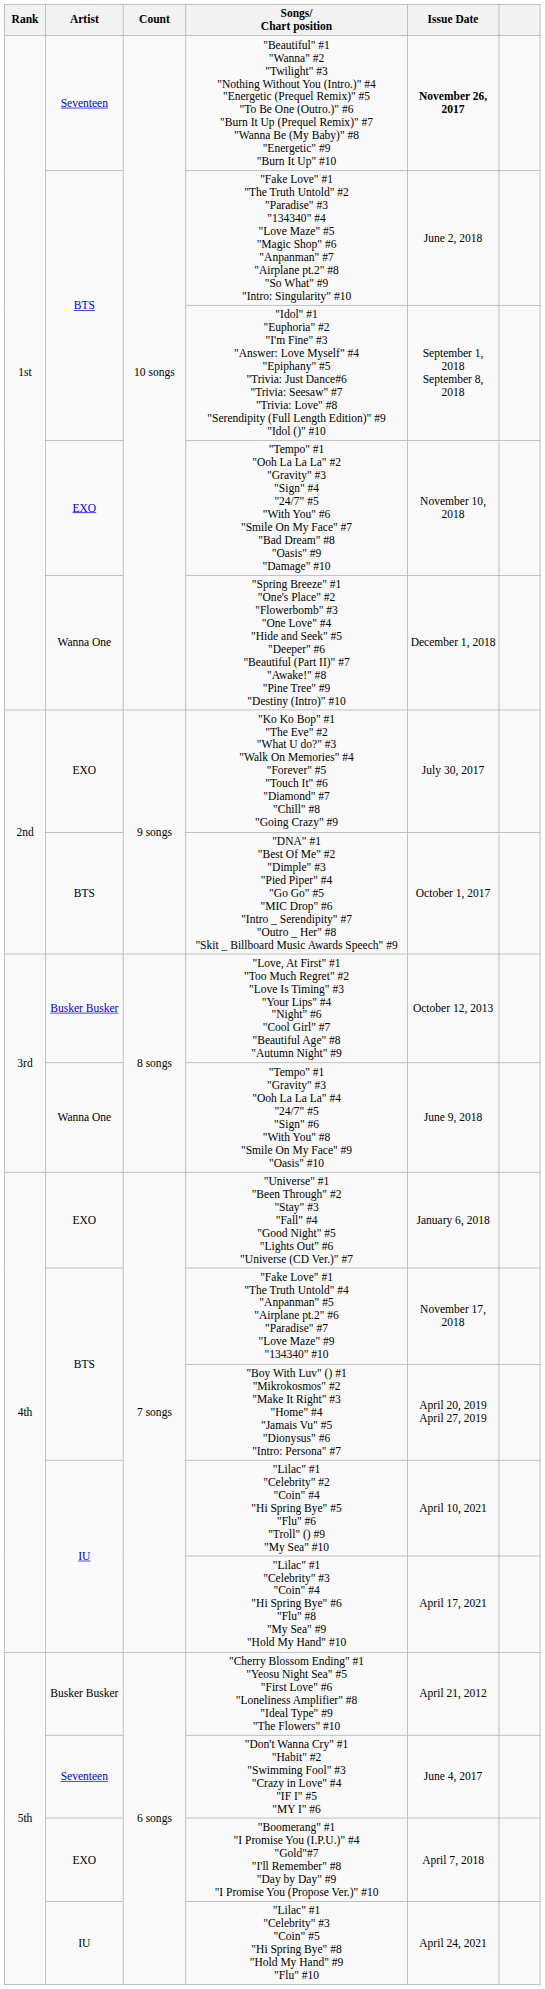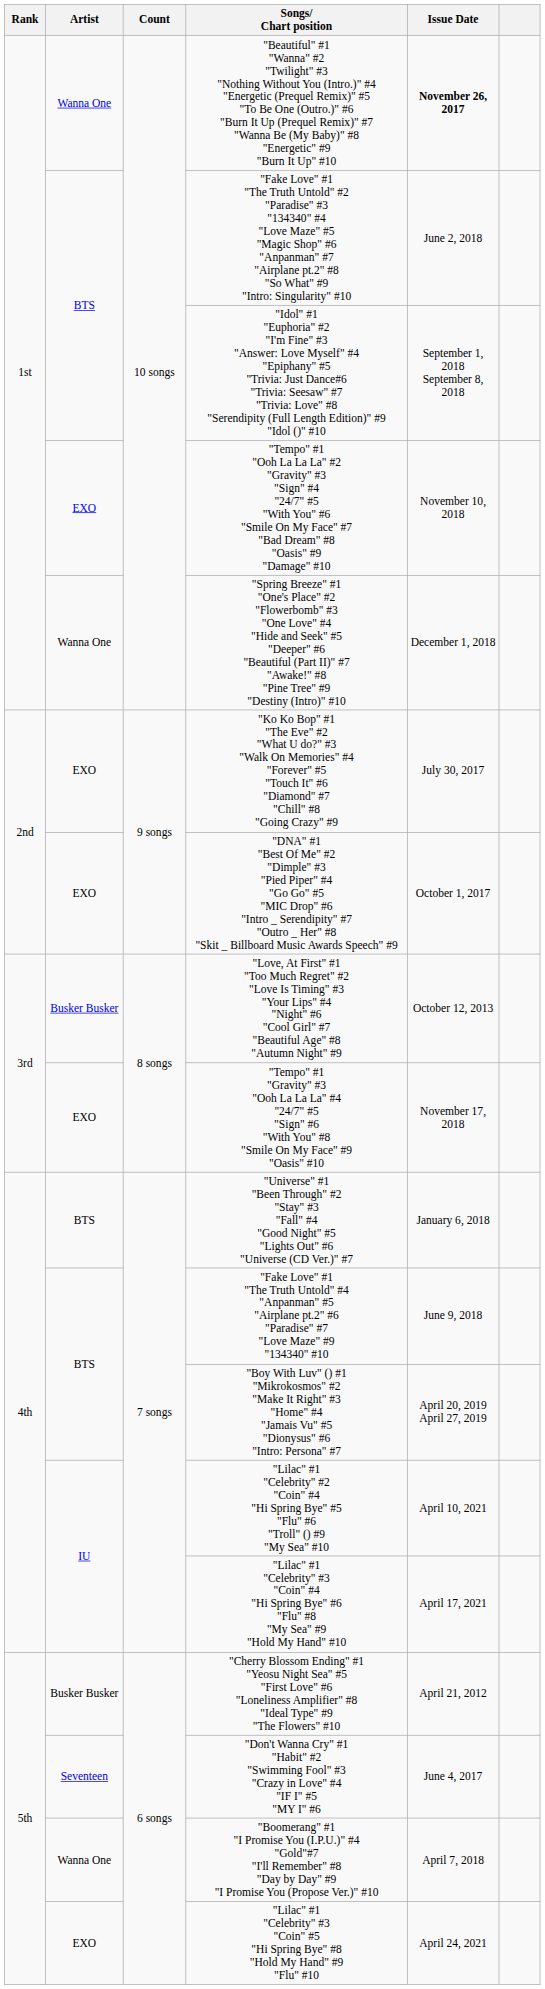 <table class="wikitable" style="text-align: center;">
 <tr>
 <th width="50">Rank</th>
 <th width="100">Artist</th>
 <th width="80">Count</th>
 <th width="300">Songs/<br>Chart position</th>
 <th width="120">Issue Date</th>
 <th width="50"></th>
 </tr>
 <tr>
 <td rowspan="5">1st</td>
-<td><a href='#'>Seventeen</a></td>
+<td><a href='#'>Wanna One</a></td>
 <td rowspan="5">10 songs</td>
 <td>"Beautiful" #1<br>"Wanna" #2<br>"Twilight" #3<br>"Nothing Without You (Intro.)" #4<br>"Energetic (Prequel Remix)" #5<br>"To Be One (Outro.)" #6<br>"Burn It Up (Prequel Remix)" #7<br>"Wanna Be (My Baby)" #8<br>"Energetic" #9<br>"Burn It Up" #10</td>
 <td><strong>November 26, 2017</strong></td>
 <td></td>
 </tr>
 <tr>
 <td rowspan="2"><a href='#'>BTS</a></td>
 <td>"Fake Love" #1<br>"The Truth Untold" #2<br>"Paradise" #3<br>"134340" #4<br>"Love Maze" #5<br>"Magic Shop" #6<br>"Anpanman" #7<br>"Airplane pt.2" #8<br>"So What" #9<br>"Intro: Singularity" #10</td>
 <td>June 2, 2018</td>
 <td></td>
 </tr>
 <tr>
 <td>"Idol" #1<br>"Euphoria" #2<br>"I'm Fine" #3<br>"Answer: Love Myself" #4<br>"Epiphany" #5<br>"Trivia: Just Dance#6<br>"Trivia: Seesaw" #7<br>"Trivia: Love" #8<br>"Serendipity (Full Length Edition)" #9<br>"Idol ()" #10</td>
 <td>September 1, 2018<br>September 8, 2018</td>
 <td><br></td>
 </tr>
 <tr>
 <td><a href='#'>EXO</a></td>
 <td>"Tempo" #1<br>"Ooh La La La" #2<br>"Gravity" #3<br>"Sign" #4<br>"24/7" #5<br>"With You" #6<br>"Smile On My Face" #7<br>"Bad Dream" #8<br>"Oasis" #9<br>"Damage" #10</td>
 <td>November 10, 2018</td>
 <td></td>
 </tr>
 <tr>
 <td>Wanna One</td>
 <td>"Spring Breeze" #1<br>"One's Place" #2<br>"Flowerbomb" #3<br>"One Love" #4<br>"Hide and Seek" #5<br>"Deeper" #6<br>"Beautiful (Part II)" #7<br>"Awake!" #8<br>"Pine Tree" #9<br>"Destiny (Intro)" #10</td>
 <td>December 1, 2018</td>
 <td></td>
 </tr>
 <tr>
 <td rowspan="2">2nd</td>
 <td>EXO</td>
 <td rowspan="2">9 songs</td>
 <td>"Ko Ko Bop" #1<br>"The Eve" #2<br>"What U do?" #3<br>"Walk On Memories" #4<br>"Forever" #5<br>"Touch It" #6<br>"Diamond" #7<br>"Chill" #8<br>"Going Crazy" #9</td>
 <td>July 30, 2017</td>
 <td></td>
 </tr>
 <tr>
-<td>BTS</td>
+<td>EXO</td>
 <td>"DNA" #1<br>"Best Of Me" #2<br>"Dimple" #3<br>"Pied Piper" #4<br>"Go Go" #5<br>"MIC Drop" #6<br>"Intro _ Serendipity" #7<br>"Outro _ Her" #8<br>"Skit _ Billboard Music Awards Speech" #9</td>
 <td>October 1, 2017</td>
 <td></td>
 </tr>
 <tr>
 <td rowspan="2">3rd</td>
 <td><a href='#'>Busker Busker</a></td>
 <td rowspan="2">8 songs</td>
 <td>"Love, At First" #1<br>"Too Much Regret" #2<br>"Love Is Timing" #3<br>"Your Lips" #4<br>"Night" #6<br>"Cool Girl" #7<br>"Beautiful Age" #8<br>"Autumn Night" #9</td>
 <td>October 12, 2013</td>
 <td></td>
 </tr>
 <tr>
-<td>Wanna One</td>
+<td>EXO</td>
 <td>"Tempo" #1<br>"Gravity" #3<br>"Ooh La La La" #4<br>"24/7" #5<br>"Sign" #6<br>"With You" #8<br>"Smile On My Face" #9<br>"Oasis" #10</td>
-<td>June 9, 2018</td>
+<td>November 17, 2018</td>
 <td></td>
 </tr>
 <tr>
 <td rowspan="5">4th</td>
-<td>EXO</td>
+<td>BTS</td>
 <td rowspan="5">7 songs</td>
 <td>"Universe" #1<br>"Been Through" #2<br>"Stay" #3<br>"Fall" #4<br>"Good Night" #5<br>"Lights Out" #6<br>"Universe (CD Ver.)" #7</td>
 <td>January 6, 2018</td>
 <td></td>
 </tr>
 <tr>
 <td rowspan="2">BTS</td>
 <td>"Fake Love" #1<br>"The Truth Untold" #4<br>"Anpanman" #5<br>"Airplane pt.2" #6<br>"Paradise" #7<br>"Love Maze" #9<br>"134340" #10</td>
-<td>November 17, 2018</td>
+<td>June 9, 2018</td>
 <td></td>
 </tr>
 <tr>
 <td>"Boy With Luv" () #1<br>"Mikrokosmos" #2<br>"Make It Right" #3<br>"Home" #4<br>"Jamais Vu" #5<br>"Dionysus" #6<br>"Intro: Persona" #7</td>
 <td>April 20, 2019<br>April 27, 2019</td>
 <td><br></td>
 </tr>
 <tr>
 <td rowspan="2"><a href='#'>IU</a></td>
 <td>"Lilac" #1<br>"Celebrity" #2<br>"Coin" #4<br>"Hi Spring Bye" #5<br>"Flu" #6<br>"Troll" () #9<br>"My Sea" #10</td>
 <td>April 10, 2021</td>
 <td></td>
 </tr>
 <tr>
 <td>"Lilac" #1<br>"Celebrity" #3<br>"Coin" #4<br>"Hi Spring Bye" #6<br>"Flu" #8<br>"My Sea" #9<br>"Hold My Hand" #10</td>
 <td>April 17, 2021</td>
 <td></td>
 </tr>
 <tr>
 <td rowspan="4">5th</td>
 <td>Busker Busker</td>
 <td rowspan="4">6 songs</td>
 <td>"Cherry Blossom Ending" #1<br>"Yeosu Night Sea" #5<br>"First Love" #6<br>"Loneliness Amplifier" #8<br>"Ideal Type" #9<br>"The Flowers" #10</td>
 <td>April 21, 2012</td>
 <td></td>
 </tr>
 <tr>
 <td><a href='#'>Seventeen</a></td>
 <td>"Don't Wanna Cry" #1<br>"Habit" #2<br>"Swimming Fool" #3<br>"Crazy in Love" #4<br>"IF I" #5<br>"MY I" #6</td>
 <td>June 4, 2017</td>
 <td></td>
 </tr>
 <tr>
-<td>EXO</td>
+<td>Wanna One</td>
 <td>"Boomerang" #1<br>"I Promise You (I.P.U.)" #4<br>"Gold"#7<br>"I'll Remember" #8<br>"Day by Day" #9<br>"I Promise You (Propose Ver.)" #10</td>
 <td>April 7, 2018</td>
 <td></td>
 </tr>
 <tr>
-<td>IU</td>
+<td>EXO</td>
 <td>"Lilac" #1<br>"Celebrity" #3<br>"Coin" #5<br>"Hi Spring Bye" #8<br>"Hold My Hand" #9<br>"Flu" #10</td>
 <td>April 24, 2021</td>
 <td></td>
 </tr>
 </table>
